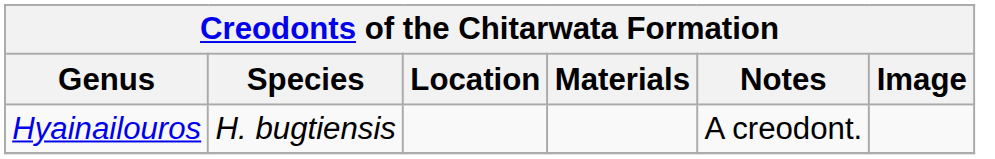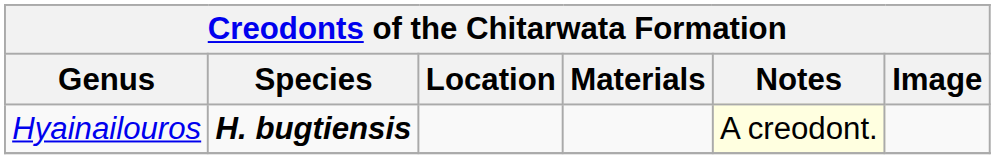 <table class="wikitable">
 <tr>
 <th colspan="7" align="center"><strong><a href='#'>Creodonts</a> of the Chitarwata Formation</strong></th>
 </tr>
 <tr>
 <th>Genus</th>
 <th>Species</th>
 <th>Location</th>
 <th>Materials</th>
 <th>Notes</th>
 <th>Image</th>
 </tr>
 <tr>
 <td><em><a href='#'>Hyainailouros</a></em></td>
-<td><em>H.  bugtiensis</em></td>
+<td><strong><em>H.  bugtiensis</em></strong></td>
 <td></td>
 <td></td>
-<td>A creodont.</td>
+<td style="background: lightyellow;">A creodont.</td>
 <td></td>
 </tr>
 <tr>
 </tr>
 </table>
